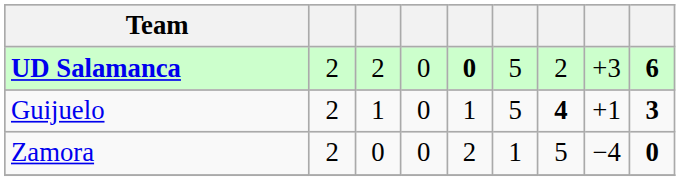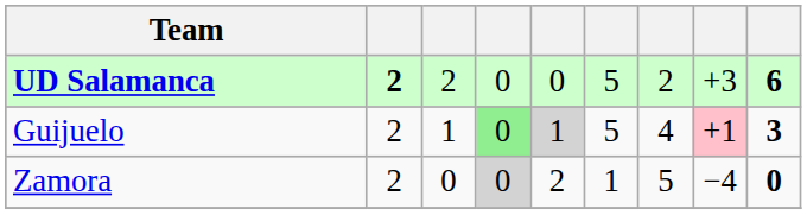 <table class="wikitable" style="text-align:center">
 <tr>
 <th width="175">Team</th>
 <th width="20"></th>
 <th width="20"></th>
 <th width="20"></th>
 <th width="20"></th>
 <th width="20"></th>
 <th width="20"></th>
 <th width="20"></th>
 <th width="20"></th>
 </tr>
 <tr bgcolor="#ccffcc">
 <td align=left><strong><a href='#'>UD Salamanca</a></strong></td>
-<td>2</td>
+<td><strong>2</strong></td>
 <td>2</td>
 <td>0</td>
-<td><strong>0</strong></td>
+<td>0</td>
 <td>5</td>
 <td>2</td>
 <td>+3</td>
 <td><strong>6</strong></td>
 </tr>
 <tr>
 <td align=left><a href='#'>Guijuelo</a></td>
 <td>2</td>
 <td>1</td>
-<td>0</td>
-<td>1</td>
+<td style="background: lightgreen;">0</td>
+<td style="background: lightgrey;">1</td>
 <td>5</td>
-<td><strong>4</strong></td>
-<td>+1</td>
+<td>4</td>
+<td style="background: pink;">+1</td>
 <td><strong>3</strong></td>
 </tr>
 <tr>
 <td align=left><a href='#'>Zamora</a></td>
 <td>2</td>
 <td>0</td>
-<td>0</td>
+<td style="background: lightgrey;">0</td>
 <td>2</td>
 <td>1</td>
 <td>5</td>
 <td>−4</td>
 <td><strong>0</strong></td>
 </tr>
 <tr>
 </tr>
 </table>
